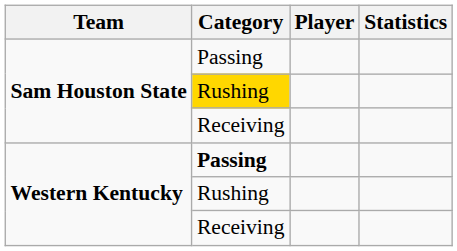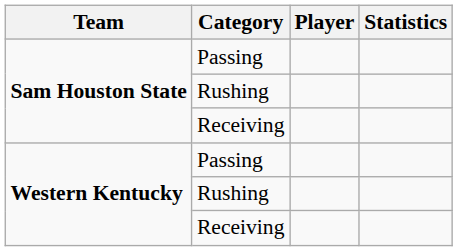 <table class="wikitable" style="float: right;">
 <tr>
 <th>Team</th>
 <th>Category</th>
 <th>Player</th>
 <th>Statistics</th>
 </tr>
 <tr>
 <td rowspan=3><strong>Sam Houston State</strong></td>
 <td>Passing</td>
 <td></td>
 <td></td>
 </tr>
 <tr>
-<td style="background: gold;">Rushing</td>
+<td>Rushing</td>
 <td></td>
 <td></td>
 </tr>
 <tr>
 <td>Receiving</td>
 <td></td>
 <td></td>
 </tr>
 <tr>
 <td rowspan=3><strong>Western Kentucky</strong></td>
-<td><strong>Passing</strong></td>
+<td>Passing</td>
 <td></td>
 <td></td>
 </tr>
 <tr>
 <td>Rushing</td>
 <td></td>
 <td></td>
 </tr>
 <tr>
 <td>Receiving</td>
 <td></td>
 <td></td>
 </tr>
 </table>
